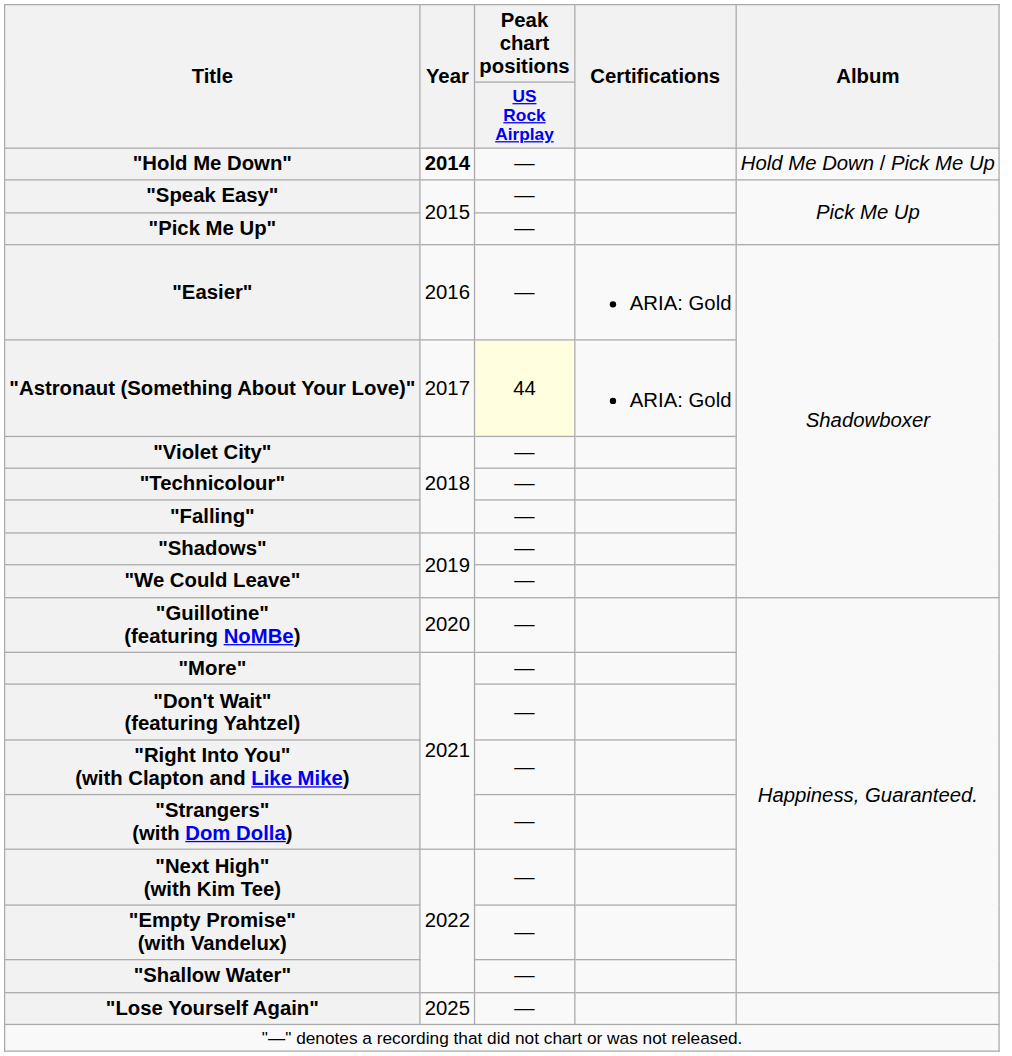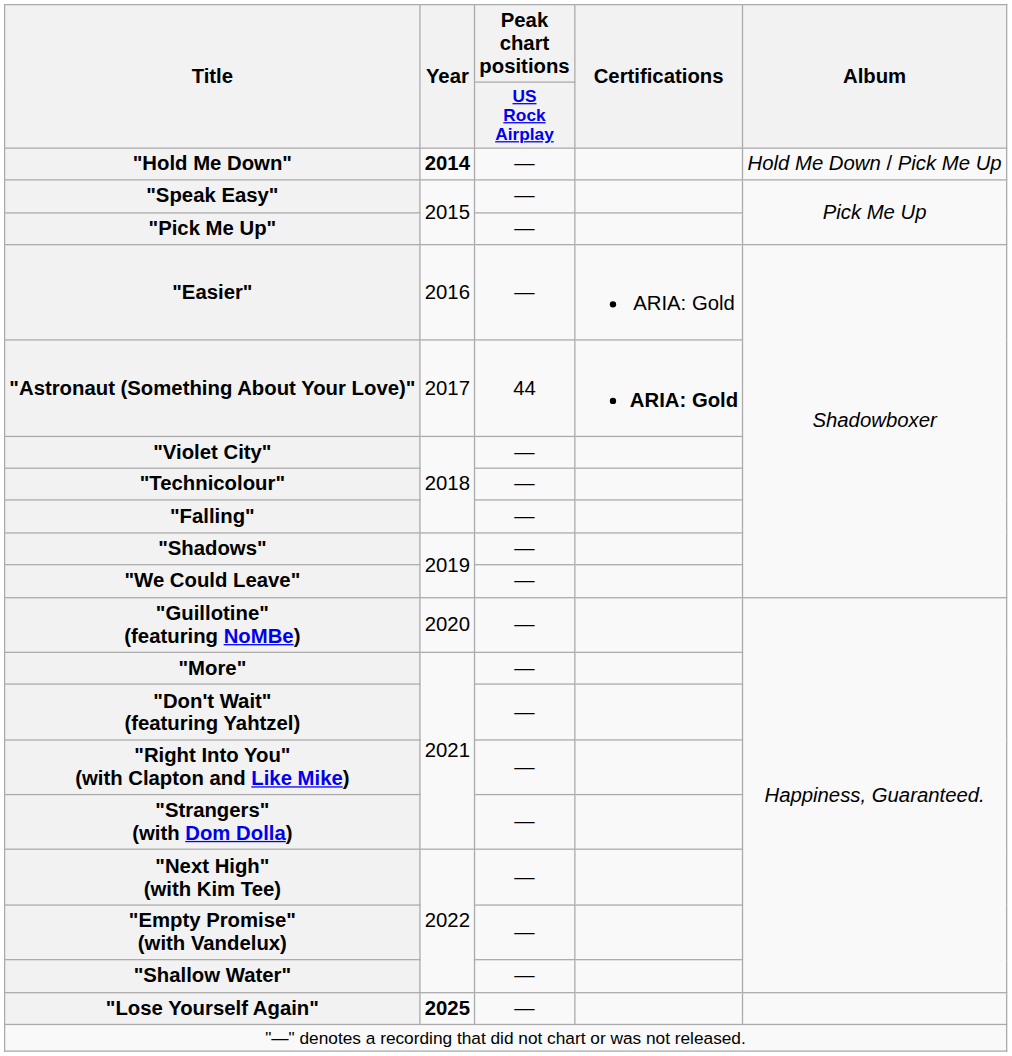 <table class="wikitable plainrowheaders" style="text-align:center;">
 <tr>
 <th scope="col" rowspan="2">Title</th>
 <th scope="col" rowspan="2">Year</th>
 <th scope="col" colspan="1">Peak chart positions</th>
 <th rowspan="2">Certifications</th>
 <th rowspan="2">Album</th>
 </tr>
 <tr>
 <th scope="col" style="width:3em;font-size:85%;"><a href='#'>US<br>Rock Airplay</a><br></th>
 </tr>
 <tr>
 <th scope="row">"Hold Me Down"</th>
 <td><strong>2014</strong></td>
 <td>—</td>
 <td></td>
 <td><em>Hold Me Down</em> / <em>Pick Me Up</em></td>
 </tr>
 <tr>
 <th scope="row">"Speak Easy"</th>
 <td rowspan="2">2015</td>
 <td>—</td>
 <td></td>
 <td rowspan="2"><em>Pick Me Up</em></td>
 </tr>
 <tr>
 <th scope="row">"Pick Me Up"</th>
 <td>—</td>
 <td></td>
 </tr>
 <tr>
 <th scope="row">"Easier"</th>
 <td>2016</td>
 <td>—</td>
 <td><br><ul><li>ARIA: Gold</li></ul></td>
 <td rowspan="7"><em>Shadowboxer</em></td>
 </tr>
 <tr>
 <th scope="row">"Astronaut (Something About Your Love)"</th>
 <td>2017</td>
-<td style="background: lightyellow;">44</td>
-<td><br><ul><li>ARIA: Gold</li></ul></td>
+<td>44</td>
+<td><strong><br><ul><li>ARIA: Gold</li></ul></strong></td>
 </tr>
 <tr>
 <th scope="row">"Violet City"</th>
 <td rowspan="3">2018</td>
 <td>—</td>
 <td></td>
 </tr>
 <tr>
 <th scope="row">"Technicolour"</th>
 <td>—</td>
 <td></td>
 </tr>
 <tr>
 <th scope="row">"Falling"</th>
 <td>—</td>
 <td></td>
 </tr>
 <tr>
 <th scope="row">"Shadows"</th>
 <td rowspan="2">2019</td>
 <td>—</td>
 <td></td>
 </tr>
 <tr>
 <th scope="row">"We Could Leave"</th>
 <td>—</td>
 <td></td>
 </tr>
 <tr>
 <th scope="row">"Guillotine"<br><span>(featuring <a href='#'>NoMBe</a>)</span></th>
 <td>2020</td>
 <td>—</td>
 <td></td>
 <td rowspan="8"><em>Happiness, Guaranteed.</em></td>
 </tr>
 <tr>
 <th scope="row">"More"</th>
 <td rowspan="4">2021</td>
 <td>—</td>
 <td></td>
 </tr>
 <tr>
 <th scope="row">"Don't Wait"<br><span>(featuring Yahtzel)</span></th>
 <td>—</td>
 <td></td>
 </tr>
 <tr>
 <th scope="row">"Right Into You"<br><span>(with Clapton and <a href='#'>Like Mike</a>)</span></th>
 <td>—</td>
 <td></td>
 </tr>
 <tr>
 <th scope="row">"Strangers"<br><span>(with <a href='#'>Dom Dolla</a>)</span></th>
 <td>—</td>
 <td></td>
 </tr>
 <tr>
 <th scope="row">"Next High"<br><span>(with Kim Tee)</span></th>
 <td rowspan="3">2022</td>
 <td>—</td>
 <td></td>
 </tr>
 <tr>
 <th scope="row">"Empty Promise"<br><span>(with Vandelux)</span></th>
 <td>—</td>
 <td></td>
 </tr>
 <tr>
 <th scope="row">"Shallow Water"</th>
 <td>—</td>
 <td></td>
 </tr>
 <tr>
 <th scope="row">"Lose Yourself Again"</th>
-<td>2025</td>
+<td><strong>2025</strong></td>
 <td>—</td>
 <td></td>
 <td></td>
 </tr>
 <tr>
 <td colspan="5" style="font-size:85%">"—" denotes a recording that did not chart or was not released.</td>
 </tr>
 </table>
